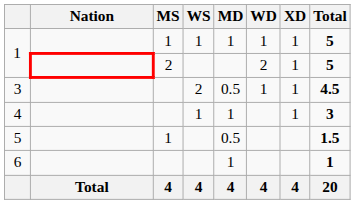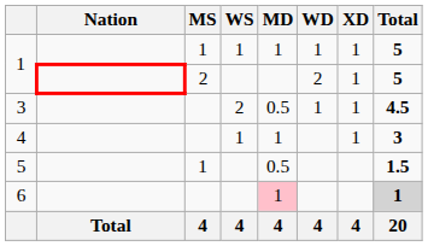 <table class="wikitable" style="text-align:center">
 <tr>
 <th width="20"></th>
 <th width="120">Nation</th>
 <th width="20">MS</th>
 <th width="20">WS</th>
 <th width="20">MD</th>
 <th width="20">WD</th>
 <th width="20">XD</th>
 <th>Total</th>
 </tr>
 <tr>
 <td rowspan=2"">1</td>
 <td align=left></td>
 <td>1</td>
 <td>1</td>
 <td>1</td>
 <td>1</td>
 <td>1</td>
 <td><strong>5</strong></td>
 </tr>
 <tr>
 <td align=left style="border: 3px solid red"><strong></strong></td>
 <td>2</td>
 <td></td>
 <td></td>
 <td>2</td>
 <td>1</td>
 <td><strong>5</strong></td>
 </tr>
 <tr>
 <td>3</td>
 <td align=left></td>
 <td></td>
 <td>2</td>
 <td>0.5</td>
 <td>1</td>
 <td>1</td>
 <td><strong>4.5</strong></td>
 </tr>
 <tr>
 <td>4</td>
 <td align=left></td>
 <td></td>
 <td>1</td>
 <td>1</td>
 <td></td>
 <td>1</td>
 <td><strong>3</strong></td>
 </tr>
 <tr>
 <td>5</td>
 <td align=left></td>
 <td>1</td>
 <td></td>
 <td>0.5</td>
 <td></td>
 <td></td>
 <td><strong>1.5</strong></td>
 </tr>
 <tr>
 <td>6</td>
 <td align=left></td>
 <td></td>
 <td></td>
-<td>1</td>
+<td style="background: pink;">1</td>
 <td></td>
 <td></td>
-<td><strong>1</strong></td>
+<td style="background: lightgrey;"><strong>1</strong></td>
 </tr>
 <tr>
 <th></th>
 <th align=left>Total</th>
 <th>4</th>
 <th>4</th>
 <th>4</th>
 <th>4</th>
 <th>4</th>
 <th>20</th>
 </tr>
 </table>
